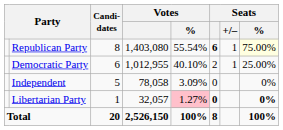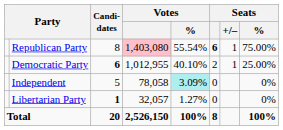 <table class="wikitable" style="font-size:100%; text-align:right;">
 <tr>
 <th colspan=2 rowspan=2>Party</th>
 <th rowspan=2><small>Candi-<br>dates</small></th>
 <th colspan=2>Votes</th>
 <th colspan=3>Seats</th>
 </tr>
 <tr>
 <th></th>
 <th>%</th>
 <th></th>
 <th>+/–</th>
 <th>%</th>
 </tr>
 <tr>
 <td style="background:"></td>
 <td align=left><a href='#'>Republican Party</a></td>
 <td>8</td>
-<td>1,403,080</td>
+<td style="background: pink;">1,403,080</td>
 <td>55.54%</td>
 <td><strong>6</strong></td>
 <td>1</td>
-<td style="background: lightyellow;">75.00%</td>
+<td>75.00%</td>
 </tr>
 <tr>
 <td style="background:"></td>
 <td align=left><a href='#'>Democratic Party</a></td>
-<td>6</td>
+<td><strong>6</strong></td>
 <td>1,012,955</td>
 <td>40.10%</td>
 <td>2</td>
 <td>1</td>
 <td>25.00%</td>
 </tr>
 <tr>
 <td style="background:"></td>
 <td align=left><a href='#'>Independent</a></td>
 <td>5</td>
 <td>78,058</td>
-<td>3.09%</td>
+<td style="background: paleturquoise;">3.09%</td>
 <td>0</td>
 <td></td>
 <td>0%</td>
 </tr>
 <tr>
 <td style="background:"></td>
 <td align=left><a href='#'>Libertarian Party</a></td>
-<td>1</td>
+<td><strong>1</strong></td>
 <td>32,057</td>
-<td style="background: pink;">1.27%</td>
-<td><strong>0</strong></td>
+<td>1.27%</td>
+<td>0</td>
 <td></td>
-<td><strong>0%</strong></td>
+<td>0%</td>
 </tr>
 <tr style="font-weight:bold">
 <td colspan=2 align=left>Total</td>
 <td>20</td>
 <td>2,526,150</td>
 <td>100%</td>
 <td>8</td>
 <td></td>
 <td>100%</td>
 </tr>
 </table>
